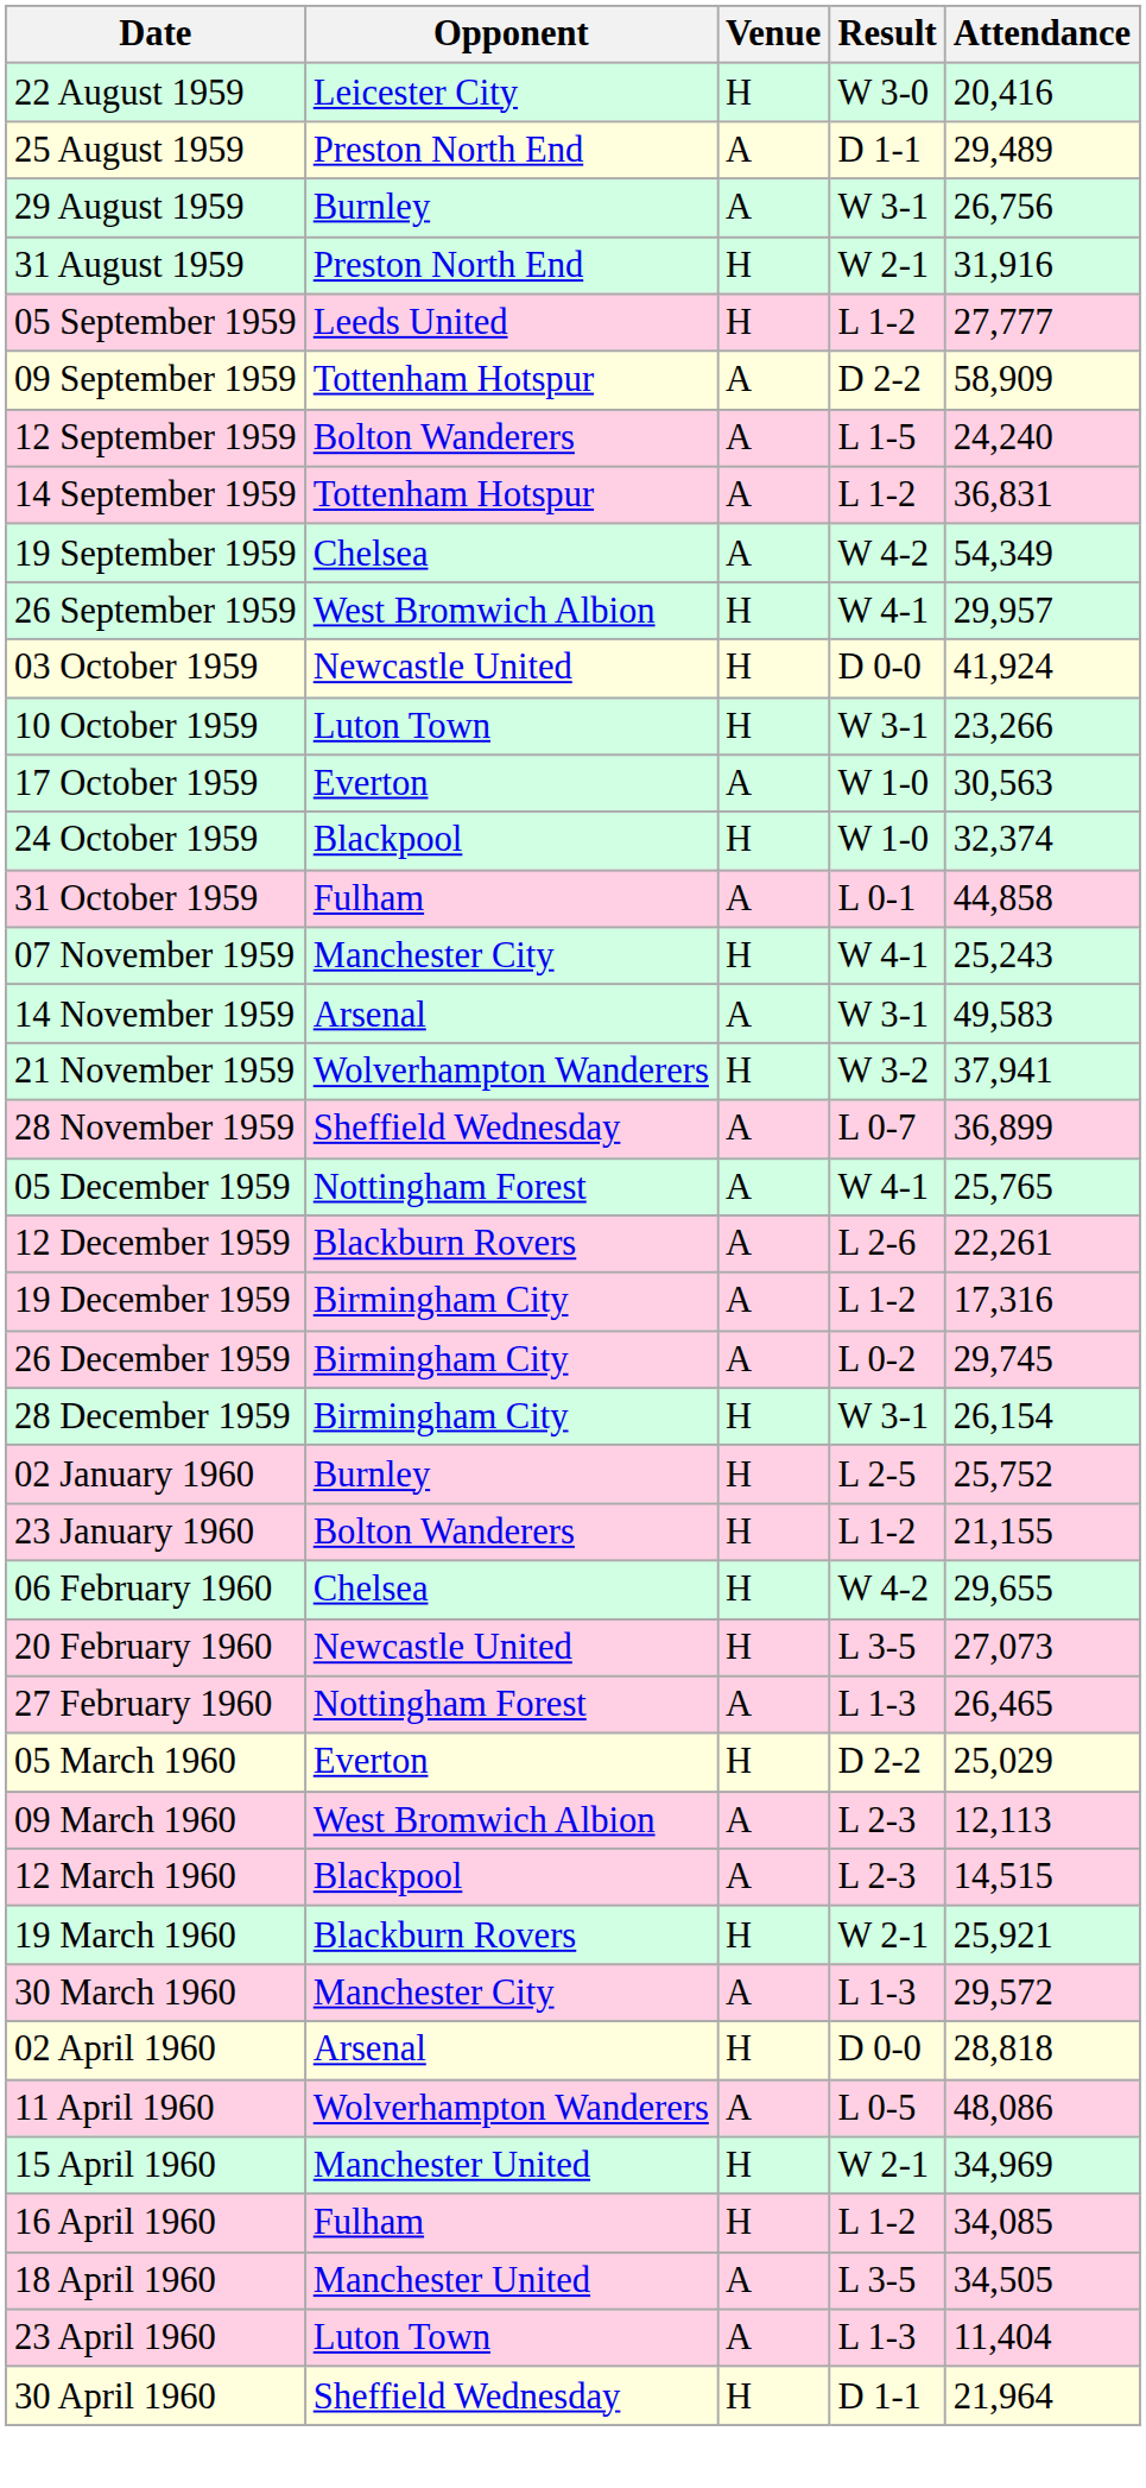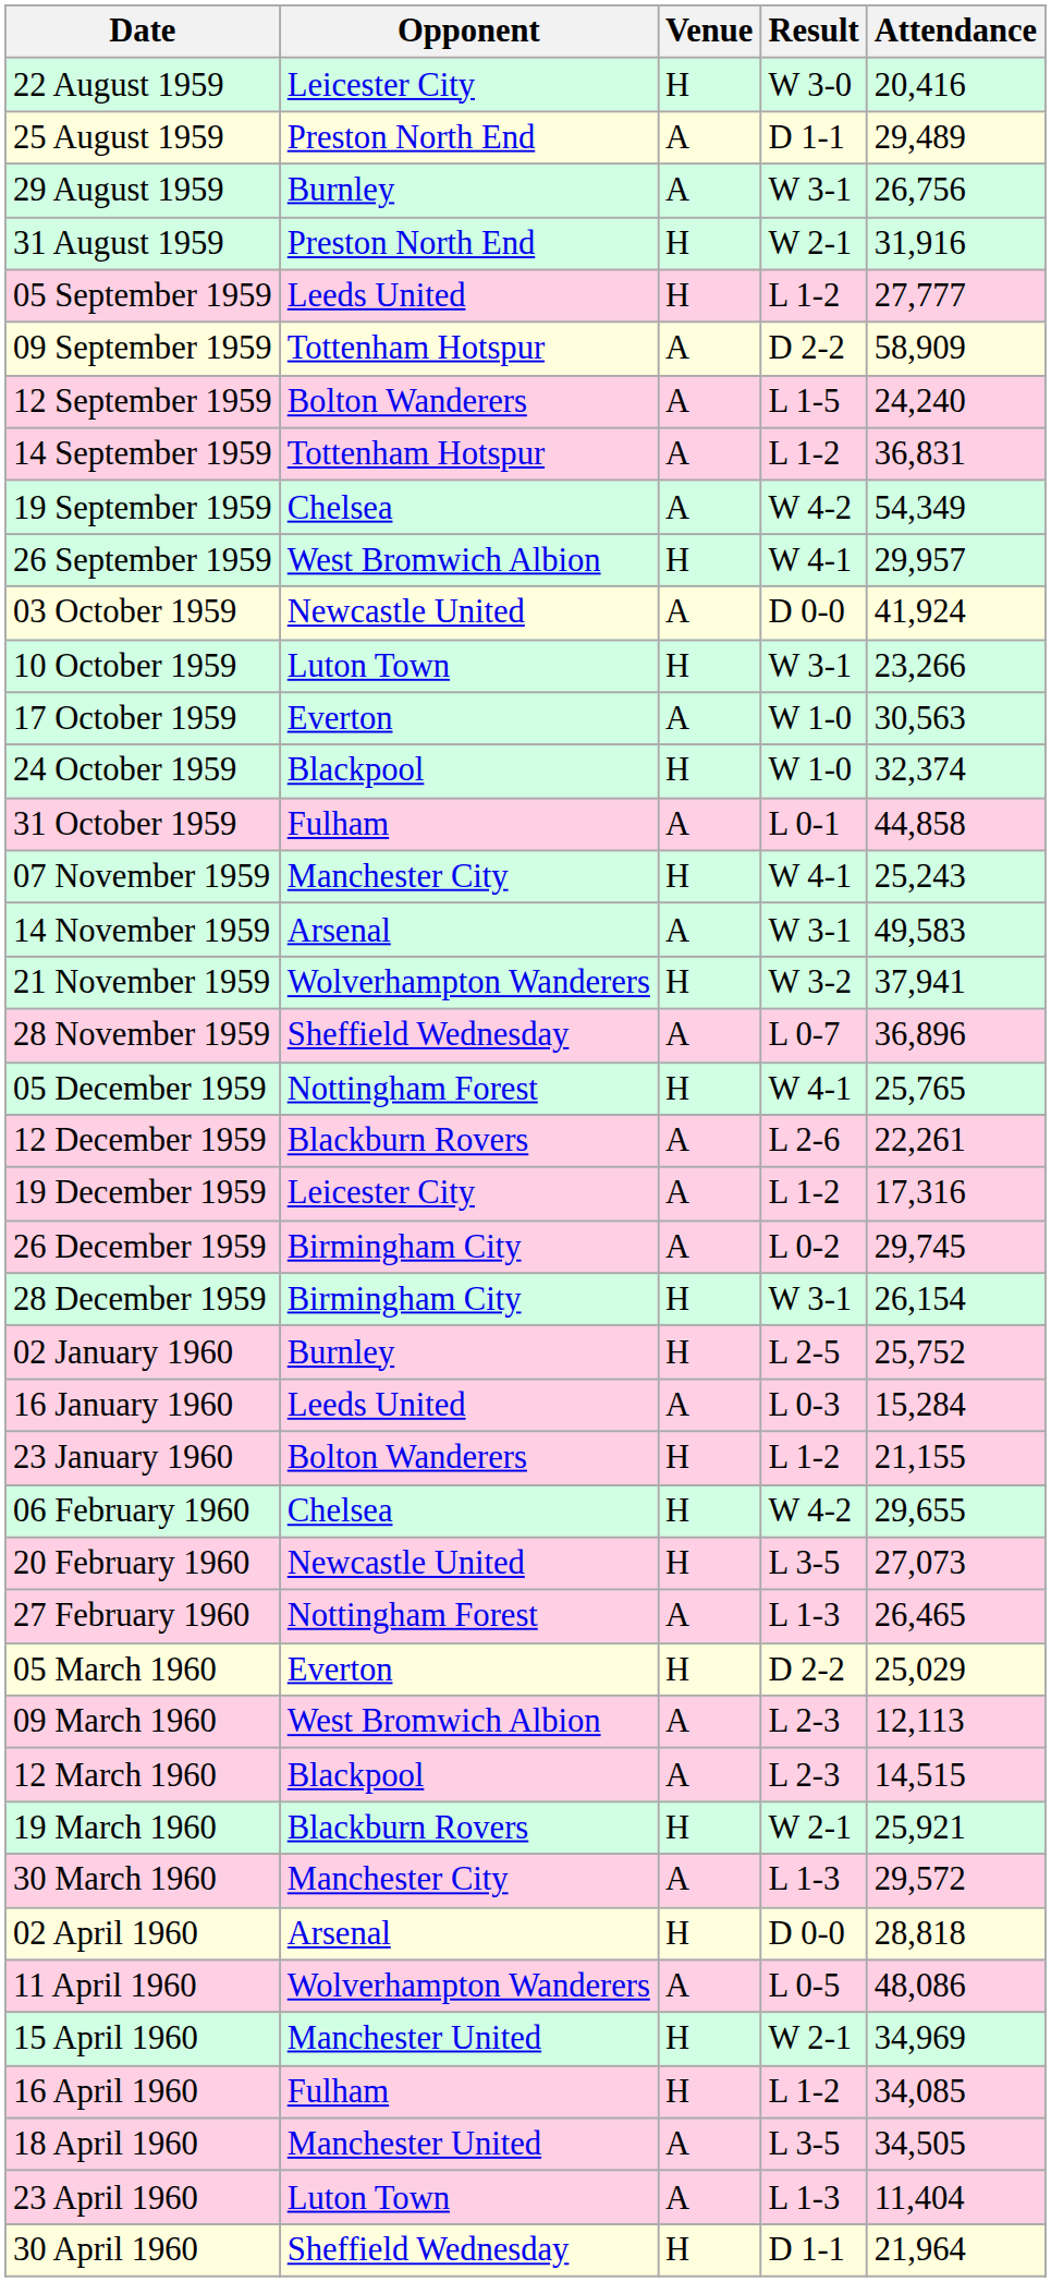 <table class="wikitable sortable">
 <tr>
 <th>Date</th>
 <th>Opponent</th>
 <th>Venue</th>
 <th>Result</th>
 <th>Attendance</th>
 </tr>
 <tr style="background:#d0ffe3;">
 <td>22 August 1959</td>
 <td><a href='#'>Leicester City</a></td>
 <td>H</td>
 <td>W 3-0</td>
 <td>20,416</td>
 </tr>
 <tr style="background:#ffffdd;">
 <td>25 August 1959</td>
 <td><a href='#'>Preston North End</a></td>
 <td>A</td>
 <td>D 1-1</td>
 <td>29,489</td>
 </tr>
 <tr style="background:#d0ffe3;">
 <td>29 August 1959</td>
 <td><a href='#'>Burnley</a></td>
 <td>A</td>
 <td>W 3-1</td>
 <td>26,756</td>
 </tr>
 <tr style="background:#d0ffe3;">
 <td>31 August 1959</td>
 <td><a href='#'>Preston North End</a></td>
 <td>H</td>
 <td>W 2-1</td>
 <td>31,916</td>
 </tr>
 <tr style="background:#ffd0e3">
 <td>05 September 1959</td>
 <td><a href='#'>Leeds United</a></td>
 <td>H</td>
 <td>L 1-2</td>
 <td>27,777</td>
 </tr>
 <tr style="background:#ffffdd;">
 <td>09 September 1959</td>
 <td><a href='#'>Tottenham Hotspur</a></td>
 <td>A</td>
 <td>D 2-2</td>
 <td>58,909</td>
 </tr>
 <tr style="background:#ffd0e3">
 <td>12 September 1959</td>
 <td><a href='#'>Bolton Wanderers</a></td>
 <td>A</td>
 <td>L 1-5</td>
 <td>24,240</td>
 </tr>
 <tr style="background:#ffd0e3">
 <td>14 September 1959</td>
 <td><a href='#'>Tottenham Hotspur</a></td>
 <td>A</td>
 <td>L 1-2</td>
 <td>36,831</td>
 </tr>
 <tr style="background:#d0ffe3;">
 <td>19 September 1959</td>
 <td><a href='#'>Chelsea</a></td>
 <td>A</td>
 <td>W 4-2</td>
 <td>54,349</td>
 </tr>
 <tr style="background:#d0ffe3;">
 <td>26 September 1959</td>
 <td><a href='#'>West Bromwich Albion</a></td>
 <td>H</td>
 <td>W 4-1</td>
 <td>29,957</td>
 </tr>
 <tr style="background:#ffffdd;">
 <td>03 October 1959</td>
 <td><a href='#'>Newcastle United</a></td>
-<td>H</td>
+<td>A</td>
 <td>D 0-0</td>
 <td>41,924</td>
 </tr>
 <tr style="background:#d0ffe3;">
 <td>10 October 1959</td>
 <td><a href='#'>Luton Town</a></td>
 <td>H</td>
 <td>W 3-1</td>
 <td>23,266</td>
 </tr>
 <tr style="background:#d0ffe3;">
 <td>17 October 1959</td>
 <td><a href='#'>Everton</a></td>
 <td>A</td>
 <td>W 1-0</td>
 <td>30,563</td>
 </tr>
 <tr style="background:#d0ffe3;">
 <td>24 October 1959</td>
 <td><a href='#'>Blackpool</a></td>
 <td>H</td>
 <td>W 1-0</td>
 <td>32,374</td>
 </tr>
 <tr style="background:#ffd0e3">
 <td>31 October 1959</td>
 <td><a href='#'>Fulham</a></td>
 <td>A</td>
 <td>L 0-1</td>
 <td>44,858</td>
 </tr>
 <tr style="background:#d0ffe3;">
 <td>07 November 1959</td>
 <td><a href='#'>Manchester City</a></td>
 <td>H</td>
 <td>W 4-1</td>
 <td>25,243</td>
 </tr>
 <tr style="background:#d0ffe3;">
 <td>14 November 1959</td>
 <td><a href='#'>Arsenal</a></td>
 <td>A</td>
 <td>W 3-1</td>
 <td>49,583</td>
 </tr>
 <tr style="background:#d0ffe3;">
 <td>21 November 1959</td>
 <td><a href='#'>Wolverhampton Wanderers</a></td>
 <td>H</td>
 <td>W 3-2</td>
 <td>37,941</td>
 </tr>
 <tr style="background:#ffd0e3">
 <td>28 November 1959</td>
 <td><a href='#'>Sheffield Wednesday</a></td>
 <td>A</td>
 <td>L 0-7</td>
-<td>36,899</td>
+<td>36,896</td>
 </tr>
 <tr style="background:#d0ffe3;">
 <td>05 December 1959</td>
 <td><a href='#'>Nottingham Forest</a></td>
-<td>A</td>
+<td>H</td>
 <td>W 4-1</td>
 <td>25,765</td>
 </tr>
 <tr style="background:#ffd0e3">
 <td>12 December 1959</td>
 <td><a href='#'>Blackburn Rovers</a></td>
 <td>A</td>
 <td>L 2-6</td>
 <td>22,261</td>
 </tr>
 <tr style="background:#ffd0e3">
 <td>19 December 1959</td>
-<td><a href='#'>Birmingham City</a></td>
+<td><a href='#'>Leicester City</a></td>
 <td>A</td>
 <td>L 1-2</td>
 <td>17,316</td>
 </tr>
 <tr style="background:#ffd0e3">
 <td>26 December 1959</td>
 <td><a href='#'>Birmingham City</a></td>
 <td>A</td>
 <td>L 0-2</td>
 <td>29,745</td>
 </tr>
 <tr style="background:#d0ffe3;">
 <td>28 December 1959</td>
 <td><a href='#'>Birmingham City</a></td>
 <td>H</td>
 <td>W 3-1</td>
 <td>26,154</td>
 </tr>
 <tr style="background:#ffd0e3">
 <td>02 January 1960</td>
 <td><a href='#'>Burnley</a></td>
 <td>H</td>
 <td>L 2-5</td>
 <td>25,752</td>
+</tr>
+<tr style="background:#ffd0e3">
+<td>16 January 1960</td>
+<td><a href='#'>Leeds United</a></td>
+<td>A</td>
+<td>L 0-3</td>
+<td>15,284</td>
 </tr>
 <tr style="background:#ffd0e3">
 <td>23 January 1960</td>
 <td><a href='#'>Bolton Wanderers</a></td>
 <td>H</td>
 <td>L 1-2</td>
 <td>21,155</td>
 </tr>
 <tr style="background:#d0ffe3;">
 <td>06 February 1960</td>
 <td><a href='#'>Chelsea</a></td>
 <td>H</td>
 <td>W 4-2</td>
 <td>29,655</td>
 </tr>
 <tr style="background:#ffd0e3">
 <td>20 February 1960</td>
 <td><a href='#'>Newcastle United</a></td>
 <td>H</td>
 <td>L 3-5</td>
 <td>27,073</td>
 </tr>
 <tr style="background:#ffd0e3">
 <td>27 February 1960</td>
 <td><a href='#'>Nottingham Forest</a></td>
 <td>A</td>
 <td>L 1-3</td>
 <td>26,465</td>
 </tr>
 <tr style="background:#ffffdd;">
 <td>05 March 1960</td>
 <td><a href='#'>Everton</a></td>
 <td>H</td>
 <td>D 2-2</td>
 <td>25,029</td>
 </tr>
 <tr style="background:#ffd0e3">
 <td>09 March 1960</td>
 <td><a href='#'>West Bromwich Albion</a></td>
 <td>A</td>
 <td>L 2-3</td>
 <td>12,113</td>
 </tr>
 <tr style="background:#ffd0e3">
 <td>12 March 1960</td>
 <td><a href='#'>Blackpool</a></td>
 <td>A</td>
 <td>L 2-3</td>
 <td>14,515</td>
 </tr>
 <tr style="background:#d0ffe3;">
 <td>19 March 1960</td>
 <td><a href='#'>Blackburn Rovers</a></td>
 <td>H</td>
 <td>W 2-1</td>
 <td>25,921</td>
 </tr>
 <tr style="background:#ffd0e3">
 <td>30 March 1960</td>
 <td><a href='#'>Manchester City</a></td>
 <td>A</td>
 <td>L 1-3</td>
 <td>29,572</td>
 </tr>
 <tr style="background:#ffffdd;">
 <td>02 April 1960</td>
 <td><a href='#'>Arsenal</a></td>
 <td>H</td>
 <td>D 0-0</td>
 <td>28,818</td>
 </tr>
 <tr style="background:#ffd0e3">
 <td>11 April 1960</td>
 <td><a href='#'>Wolverhampton Wanderers</a></td>
 <td>A</td>
 <td>L 0-5</td>
 <td>48,086</td>
 </tr>
 <tr style="background:#d0ffe3;">
 <td>15 April 1960</td>
 <td><a href='#'>Manchester United</a></td>
 <td>H</td>
 <td>W 2-1</td>
 <td>34,969</td>
 </tr>
 <tr style="background:#ffd0e3">
 <td>16 April 1960</td>
 <td><a href='#'>Fulham</a></td>
 <td>H</td>
 <td>L 1-2</td>
 <td>34,085</td>
 </tr>
 <tr style="background:#ffd0e3">
 <td>18 April 1960</td>
 <td><a href='#'>Manchester United</a></td>
 <td>A</td>
 <td>L 3-5</td>
 <td>34,505</td>
 </tr>
 <tr style="background:#ffd0e3">
 <td>23 April 1960</td>
 <td><a href='#'>Luton Town</a></td>
 <td>A</td>
 <td>L 1-3</td>
 <td>11,404</td>
 </tr>
 <tr style="background:#ffffdd;">
 <td>30 April 1960</td>
 <td><a href='#'>Sheffield Wednesday</a></td>
 <td>H</td>
 <td>D 1-1</td>
 <td>21,964</td>
 </tr>
 </table>
